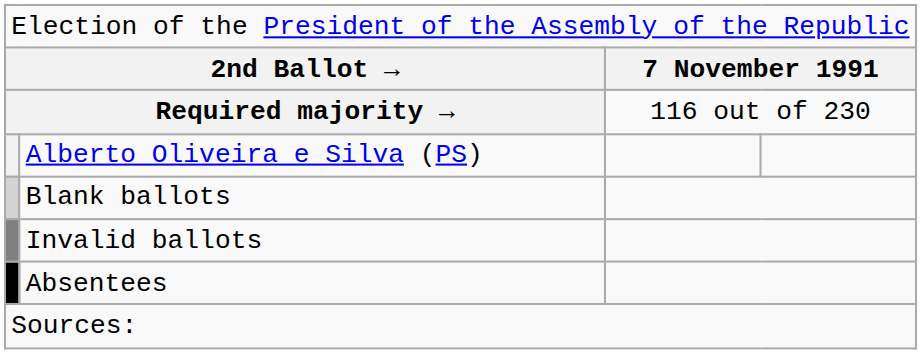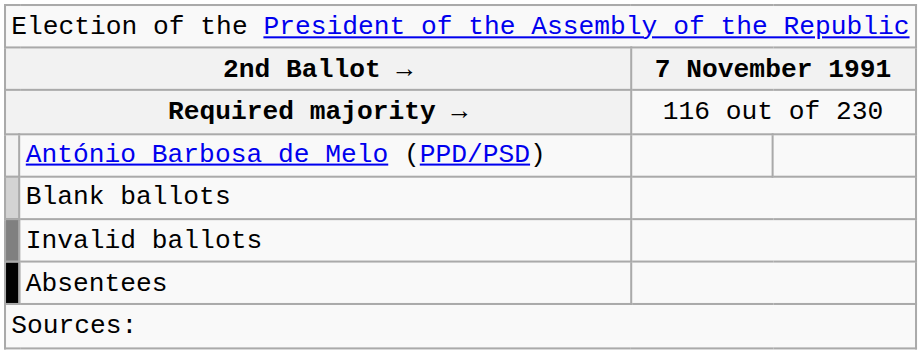 <table class="wikitable" style="text-align:center;">
 <tr>
 <td colspan="4" align="center">Election of the <a href='#'>President of the Assembly of the Republic</a></td>
 </tr>
 <tr>
 <th colspan="2" width="225px">2nd Ballot →</th>
 <th colspan="2">7 November 1991</th>
 </tr>
 <tr>
 <th colspan="2">Required majority →</th>
 <td colspan="2">116 out of 230</td>
 </tr>
 <tr>
 <th width="1px" style="background:"></th>
-<td align="left"><a href='#'>Alberto Oliveira e Silva</a> (<a href='#'>PS</a>)</td>
+<td align="left"><a href='#'>António Barbosa de Melo</a> (<a href='#'>PPD/PSD</a>)</td>
 <td></td>
 <td></td>
 </tr>
 <tr>
 <th style="background:lightgray;"></th>
 <td align="left">Blank ballots</td>
 <td colspan="2"></td>
 </tr>
 <tr>
 <th style="background:gray;"></th>
 <td align="left">Invalid ballots</td>
 <td colspan="2"></td>
 </tr>
 <tr>
 <th style="background:black;"></th>
 <td align="left">Absentees</td>
 <td colspan="2"></td>
 </tr>
 <tr>
 <td align="left" colspan="4">Sources:</td>
 </tr>
 </table>
